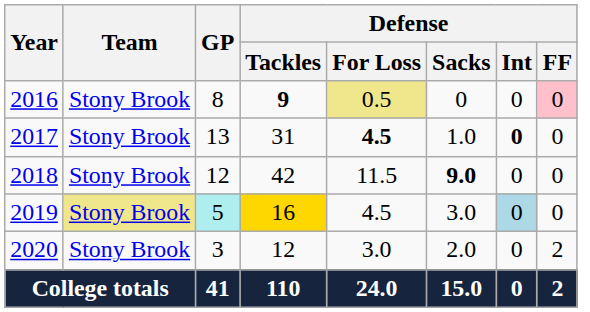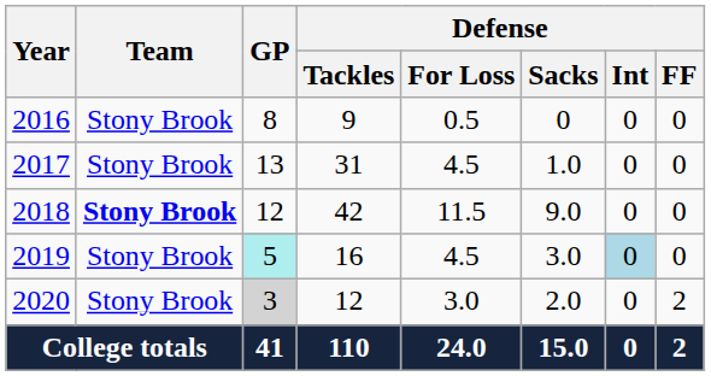 <table class="wikitable" style="text-align:center;">
 <tr>
 <th rowspan="2">Year</th>
 <th rowspan="2">Team</th>
 <th rowspan="2">GP</th>
 <th colspan="5">Defense</th>
 </tr>
 <tr>
 <th>Tackles</th>
 <th>For Loss</th>
 <th>Sacks</th>
 <th>Int</th>
 <th>FF</th>
 </tr>
 <tr>
 <td><a href='#'>2016</a></td>
 <td><a href='#'>Stony Brook</a></td>
 <td>8</td>
-<td><strong>9</strong></td>
-<td style="background: khaki;">0.5</td>
+<td>9</td>
+<td>0.5</td>
 <td>0</td>
 <td>0</td>
-<td style="background: pink;">0</td>
+<td>0</td>
 </tr>
 <tr>
 <td><a href='#'>2017</a></td>
 <td><a href='#'>Stony Brook</a></td>
 <td>13</td>
 <td>31</td>
-<td><strong>4.5</strong></td>
+<td>4.5</td>
 <td>1.0</td>
-<td><strong>0</strong></td>
+<td>0</td>
 <td>0</td>
 </tr>
 <tr>
 <td><a href='#'>2018</a></td>
-<td><a href='#'>Stony Brook</a></td>
+<td><strong><a href='#'>Stony Brook</a></strong></td>
 <td>12</td>
 <td>42</td>
 <td>11.5</td>
-<td><strong>9.0</strong></td>
+<td>9.0</td>
 <td>0</td>
 <td>0</td>
 </tr>
 <tr>
 <td><a href='#'>2019</a></td>
-<td style="background: khaki;"><a href='#'>Stony Brook</a></td>
+<td><a href='#'>Stony Brook</a></td>
 <td style="background: paleturquoise;">5</td>
-<td style="background: gold;">16</td>
+<td>16</td>
 <td>4.5</td>
 <td>3.0</td>
 <td style="background: lightblue;">0</td>
 <td>0</td>
 </tr>
 <tr>
 <td><a href='#'>2020</a></td>
 <td><a href='#'>Stony Brook</a></td>
-<td>3</td>
+<td style="background: lightgrey;">3</td>
 <td>12</td>
 <td>3.0</td>
 <td>2.0</td>
 <td>0</td>
 <td>2</td>
 </tr>
 <tr style="background:#16243E; font-weight:bold; color:white;">
 <td colspan="2">College totals</td>
 <td>41</td>
 <td>110</td>
 <td>24.0</td>
 <td>15.0</td>
 <td>0</td>
 <td>2</td>
 </tr>
 </table>
